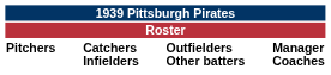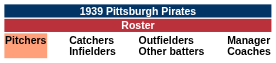 <table class="toccolours" style="font-size: 95%;">
 <tr>
 <th colspan="10" style="background-color: #023465; color: white; text-align: center;">1939 Pittsburgh Pirates</th>
 </tr>
 <tr>
 <td colspan="10" style="background-color: #ba313c; color: white; text-align: center;"><strong>Roster</strong></td>
 </tr>
 <tr>
-<td valign="top"><strong>Pitchers</strong><br>             </td>
+<td valign="top" style="background: lightsalmon;"><strong>Pitchers</strong><br>             </td>
 <td width="25px"></td>
 <td valign="top"><strong>Catchers</strong><br>    <strong>Infielders</strong>        </td>
 <td width="25px"></td>
 <td valign="top"><strong>Outfielders</strong><br>         <strong>Other batters</strong> </td>
 <td width="25px"></td>
 <td valign="top"><strong>Manager</strong><br> <strong>Coaches</strong>   </td>
 </tr>
 </table>
